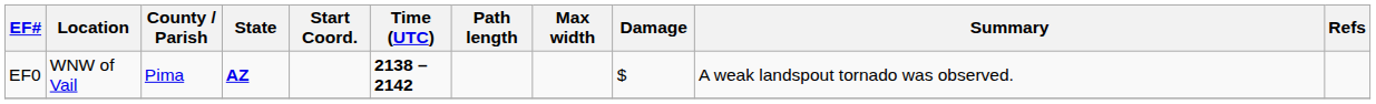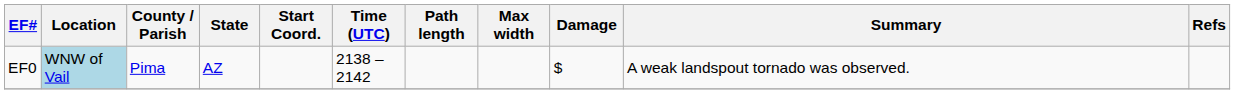 <table class="wikitable sortable" style="width:100%;">
 <tr>
 <th scope="col" width="3%" align="center"><a href='#'>EF#</a></th>
 <th scope="col" width="7%" align="center" class="unsortable">Location</th>
 <th scope="col" width="6%" align="center" class="unsortable">County / Parish</th>
 <th scope="col" width="5%" align="center">State</th>
 <th scope="col" width="6%" align="center">Start Coord.</th>
 <th scope="col" width="6%" align="center">Time (<a href='#'>UTC</a>)</th>
 <th scope="col" width="6%" align="center">Path length</th>
 <th scope="col" width="6%" align="center">Max width</th>
 <th scope="col" width="6%" align="center">Damage</th>
 <th scope="col" width="48%" class="unsortable" align="center">Summary</th>
 <th scope="col" width="48%" class="unsortable" align="center">Refs</th>
 </tr>
 <tr>
 <td>EF0</td>
-<td>WNW of <a href='#'>Vail</a></td>
+<td style="background: lightblue;">WNW of <a href='#'>Vail</a></td>
 <td><a href='#'>Pima</a></td>
-<td><strong><a href='#'>AZ</a></strong></td>
+<td><a href='#'>AZ</a></td>
 <td></td>
-<td><strong>2138 – 2142</strong></td>
+<td>2138 – 2142</td>
 <td></td>
 <td></td>
 <td>$</td>
 <td>A weak landspout tornado was observed.</td>
 <td></td>
 </tr>
 <tr>
 </tr>
 </table>
